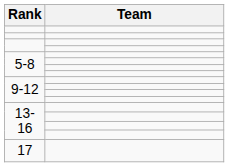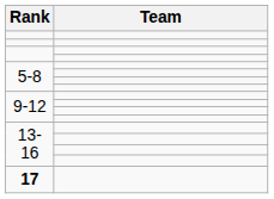 <table class="wikitable" style="text-align: center;">
 <tr>
 <th width=40>Rank</th>
 <th width=200>Team</th>
 </tr>
 <tr>
 <td></td>
 <td align=left></td>
 </tr>
 <tr>
 <td></td>
 <td align=left></td>
 </tr>
 <tr>
 <td rowspan=2></td>
 <td align=left></td>
 </tr>
 <tr>
 <td align=left></td>
 </tr>
 <tr>
 <td rowspan=4>5-8</td>
 <td align=left></td>
 </tr>
 <tr>
 <td align=left></td>
 </tr>
 <tr>
 <td align=left></td>
 </tr>
 <tr>
 <td align=left></td>
 </tr>
 <tr>
 <td rowspan=4>9-12</td>
 <td align=left></td>
 </tr>
 <tr>
 <td align=left></td>
 </tr>
 <tr>
 <td align=left></td>
 </tr>
 <tr>
 <td align=left></td>
 </tr>
 <tr>
 <td rowspan=4>13-16</td>
 <td align=left></td>
 </tr>
 <tr>
 <td align=left></td>
 </tr>
 <tr>
 <td align=left></td>
 </tr>
 <tr>
 <td align=left></td>
 </tr>
 <tr>
-<td>17</td>
+<td><strong>17</strong></td>
 <td align=left></td>
 </tr>
 </table>
